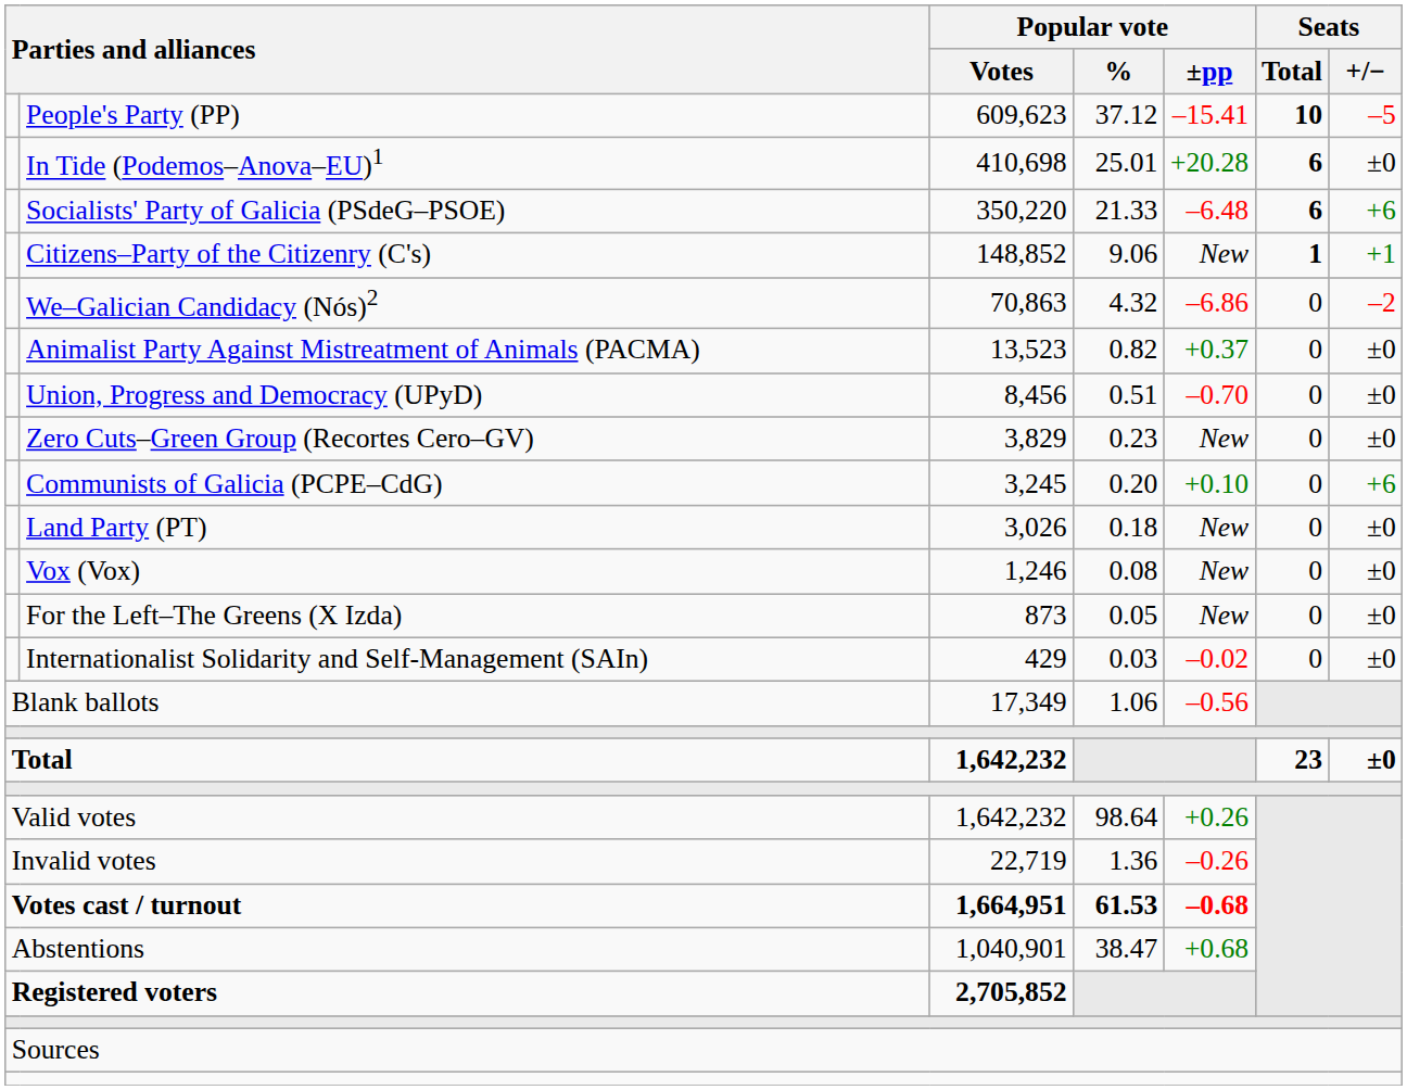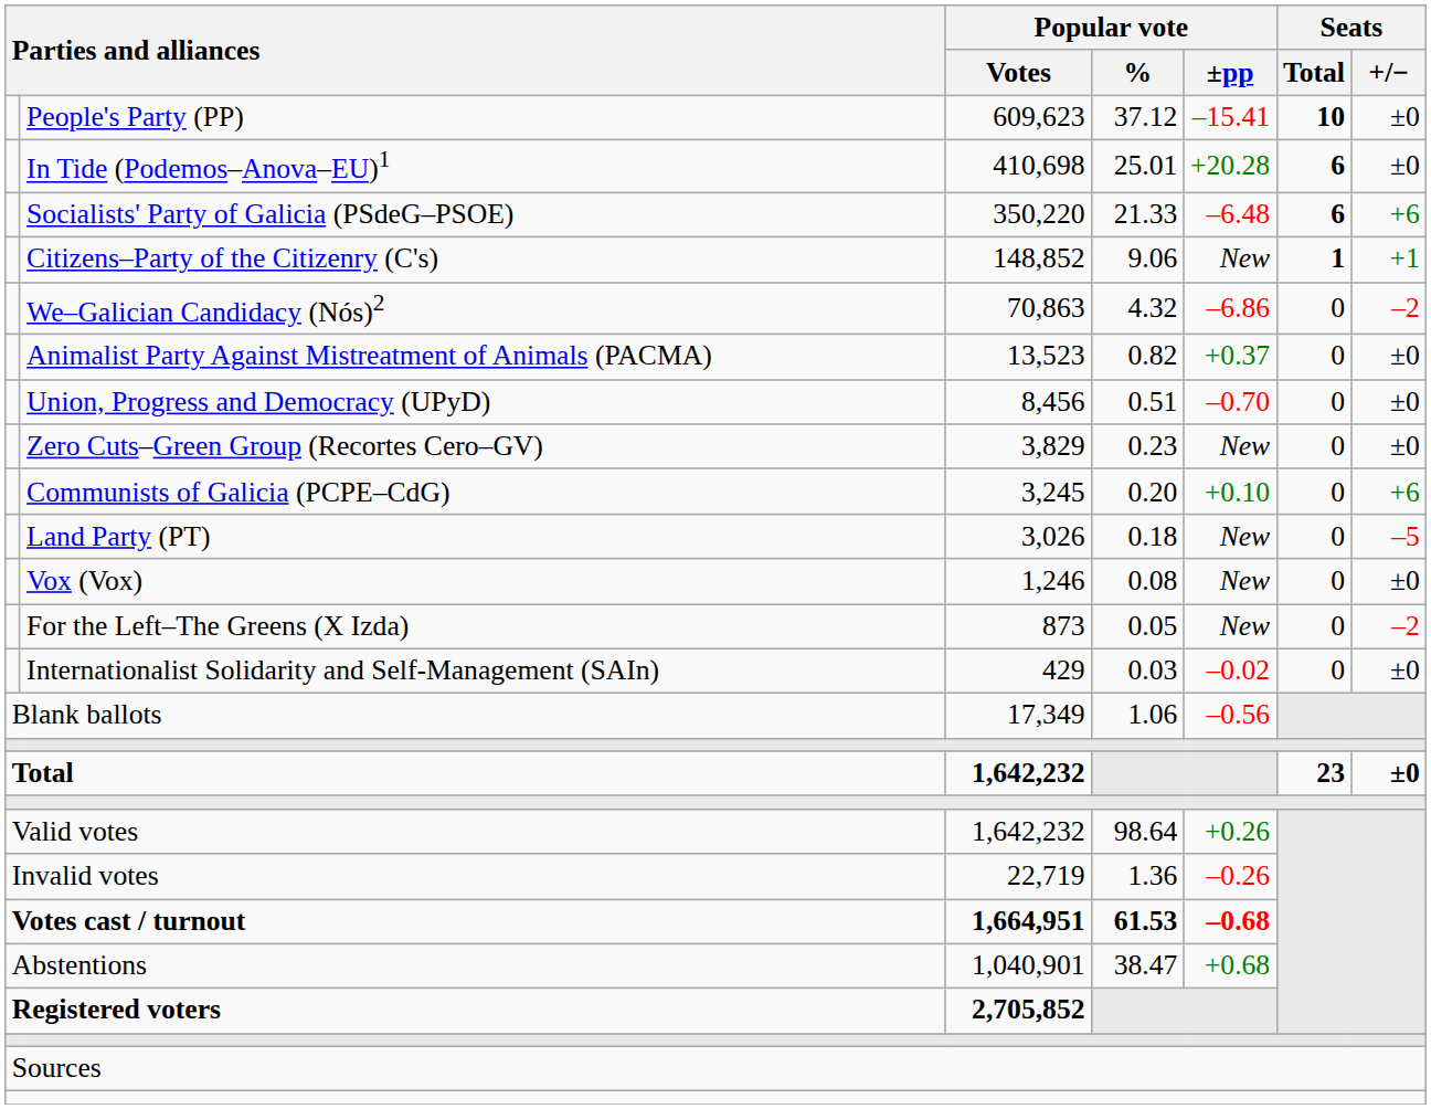 <table class="wikitable" style="text-align:right;">
 <tr>
 <th style="text-align:left;" rowspan="2" colspan="2" width="525">Parties and alliances</th>
 <th colspan="3">Popular vote</th>
 <th colspan="2">Seats</th>
 </tr>
 <tr>
 <th width="75">Votes</th>
 <th width="45">%</th>
 <th width="45">±<a href='#'>pp</a></th>
 <th width="35">Total</th>
 <th width="35">+/−</th>
 </tr>
 <tr>
 <td width="1" style="color:inherit;background:"></td>
 <td align="left"><a href='#'>People's Party</a> (PP)</td>
 <td>609,623</td>
 <td>37.12</td>
 <td style="color:red;">–15.41</td>
 <td><strong>10</strong></td>
-<td style="color:red;">–5</td>
+<td>±0</td>
 </tr>
 <tr>
 <td style="color:inherit;background:"></td>
 <td align="left"><a href='#'>In Tide</a> (<a href='#'>Podemos</a>–<a href='#'>Anova</a>–<a href='#'>EU</a>)<sup>1</sup></td>
 <td>410,698</td>
 <td>25.01</td>
 <td style="color:green;">+20.28</td>
 <td><strong>6</strong></td>
 <td>±0</td>
 </tr>
 <tr>
 <td style="color:inherit;background:"></td>
 <td align="left"><a href='#'>Socialists' Party of Galicia</a> (PSdeG–PSOE)</td>
 <td>350,220</td>
 <td>21.33</td>
 <td style="color:red;">–6.48</td>
 <td><strong>6</strong></td>
 <td style="color:green;">+6</td>
 </tr>
 <tr>
 <td style="color:inherit;background:"></td>
 <td align="left"><a href='#'>Citizens–Party of the Citizenry</a> (C's)</td>
 <td>148,852</td>
 <td>9.06</td>
 <td><em>New</em></td>
 <td><strong>1</strong></td>
 <td style="color:green;">+1</td>
 </tr>
 <tr>
 <td style="color:inherit;background:"></td>
 <td align="left"><a href='#'>We–Galician Candidacy</a> (Nós)<sup>2</sup></td>
 <td>70,863</td>
 <td>4.32</td>
 <td style="color:red;">–6.86</td>
 <td>0</td>
 <td style="color:red;">–2</td>
 </tr>
 <tr>
 <td style="color:inherit;background:"></td>
 <td align="left"><a href='#'>Animalist Party Against Mistreatment of Animals</a> (PACMA)</td>
 <td>13,523</td>
 <td>0.82</td>
 <td style="color:green;">+0.37</td>
 <td>0</td>
 <td>±0</td>
 </tr>
 <tr>
 <td style="color:inherit;background:"></td>
 <td align="left"><a href='#'>Union, Progress and Democracy</a> (UPyD)</td>
 <td>8,456</td>
 <td>0.51</td>
 <td style="color:red;">–0.70</td>
 <td>0</td>
 <td>±0</td>
 </tr>
 <tr>
 <td style="color:inherit;background:"></td>
 <td align="left"><a href='#'>Zero Cuts</a>–<a href='#'>Green Group</a> (Recortes Cero–GV)</td>
 <td>3,829</td>
 <td>0.23</td>
 <td><em>New</em></td>
 <td>0</td>
 <td>±0</td>
 </tr>
 <tr>
 <td style="color:inherit;background:"></td>
 <td align="left"><a href='#'>Communists of Galicia</a> (PCPE–CdG)</td>
 <td>3,245</td>
 <td>0.20</td>
 <td style="color:green;">+0.10</td>
 <td>0</td>
 <td style="color:green;">+6</td>
 </tr>
 <tr>
 <td style="color:inherit;background:"></td>
 <td align="left"><a href='#'>Land Party</a> (PT)</td>
 <td>3,026</td>
 <td>0.18</td>
 <td><em>New</em></td>
 <td>0</td>
-<td>±0</td>
+<td style="color:red;">–5</td>
 </tr>
 <tr>
 <td style="color:inherit;background:"></td>
 <td align="left"><a href='#'>Vox</a> (Vox)</td>
 <td>1,246</td>
 <td>0.08</td>
 <td><em>New</em></td>
 <td>0</td>
 <td>±0</td>
 </tr>
 <tr>
 <td style="color:inherit;background:"></td>
 <td align="left">For the Left–The Greens (X Izda)</td>
 <td>873</td>
 <td>0.05</td>
 <td><em>New</em></td>
 <td>0</td>
-<td>±0</td>
+<td style="color:red;">–2</td>
 </tr>
 <tr>
 <td style="color:inherit;background:"></td>
 <td align="left">Internationalist Solidarity and Self-Management (SAIn)</td>
 <td>429</td>
 <td>0.03</td>
 <td style="color:red;">–0.02</td>
 <td>0</td>
 <td>±0</td>
 </tr>
 <tr>
 <td align="left" colspan="2">Blank ballots</td>
 <td>17,349</td>
 <td>1.06</td>
 <td style="color:red;">–0.56</td>
 <td bgcolor="#E9E9E9" colspan="2"></td>
 </tr>
 <tr>
 <td colspan="7" bgcolor="#E9E9E9"></td>
 </tr>
 <tr style="font-weight:bold;">
 <td align="left" colspan="2">Total</td>
 <td>1,642,232</td>
 <td bgcolor="#E9E9E9" colspan="2"></td>
 <td>23</td>
 <td>±0</td>
 </tr>
 <tr>
 <td colspan="7" bgcolor="#E9E9E9"></td>
 </tr>
 <tr>
 <td align="left" colspan="2">Valid votes</td>
 <td>1,642,232</td>
 <td>98.64</td>
 <td style="color:green;">+0.26</td>
 <td bgcolor="#E9E9E9" colspan="2" rowspan="5"></td>
 </tr>
 <tr>
 <td align="left" colspan="2">Invalid votes</td>
 <td>22,719</td>
 <td>1.36</td>
 <td style="color:red;">–0.26</td>
 </tr>
 <tr style="font-weight:bold;">
 <td align="left" colspan="2">Votes cast / turnout</td>
 <td>1,664,951</td>
 <td>61.53</td>
 <td style="color:red;">–0.68</td>
 </tr>
 <tr>
 <td align="left" colspan="2">Abstentions</td>
 <td>1,040,901</td>
 <td>38.47</td>
 <td style="color:green;">+0.68</td>
 </tr>
 <tr style="font-weight:bold;">
 <td align="left" colspan="2">Registered voters</td>
 <td>2,705,852</td>
 <td bgcolor="#E9E9E9" colspan="2"></td>
 </tr>
 <tr>
 <td colspan="7" bgcolor="#E9E9E9"></td>
 </tr>
 <tr>
 <td align="left" colspan="7">Sources</td>
 </tr>
 <tr>
 <td colspan="7" style="text-align:left; max-width:790px;"></td>
 </tr>
 </table>
